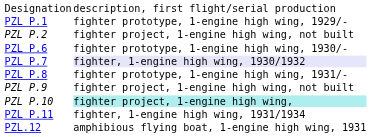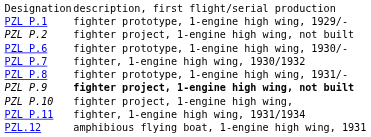 <table cellpadding="0">
 <tr ---->
 <td>Designation</td>
 <td>description, first flight/serial production</td>
 </tr>
 <tr ---->
 <td><a href='#'>PZL P.1</a></td>
 <td>fighter prototype, 1-engine high wing, 1929/-</td>
 </tr>
 <tr ---->
 <td><em>PZL P.2</em></td>
 <td>fighter project, 1-engine high wing, not built</td>
 </tr>
 <tr ---->
 <td><a href='#'>PZL P.6</a></td>
 <td>fighter prototype, 1-engine high wing, 1930/-</td>
 </tr>
 <tr ---->
 <td><a href='#'>PZL P.7</a></td>
-<td style="background: lavender;">fighter, 1-engine high wing, 1930/1932</td>
+<td>fighter, 1-engine high wing, 1930/1932</td>
 </tr>
 <tr ---->
 <td><a href='#'>PZL P.8</a></td>
 <td>fighter prototype, 1-engine high wing, 1931/-</td>
 </tr>
 <tr ---->
 <td><em>PZL P.9</em></td>
-<td>fighter project, 1-engine high wing, not built</td>
+<td><strong>fighter project, 1-engine high wing, not built</strong></td>
 </tr>
 <tr ---->
 <td><em>PZL P.10</em></td>
-<td style="background: paleturquoise;">fighter project, 1-engine high wing,</td>
+<td>fighter project, 1-engine high wing,</td>
 </tr>
 <tr ---->
 <td><a href='#'>PZL P.11</a></td>
 <td>fighter, 1-engine high wing, 1931/1934</td>
 </tr>
 <tr ---->
 <td><a href='#'>PZL.12</a></td>
 <td>amphibious flying boat, 1-engine high wing, 1931</td>
 </tr>
 </table>
